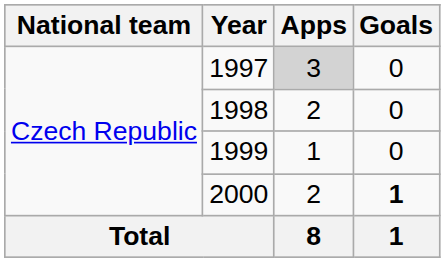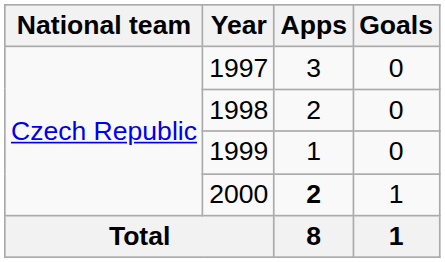 <table class="wikitable" style="text-align:center">
 <tr>
 <th>National team</th>
 <th>Year</th>
 <th>Apps</th>
 <th>Goals</th>
 </tr>
 <tr>
 <td rowspan="4"><a href='#'>Czech Republic</a></td>
 <td>1997</td>
-<td style="background: lightgrey;">3</td>
+<td>3</td>
 <td>0</td>
 </tr>
 <tr>
 <td>1998</td>
 <td>2</td>
 <td>0</td>
 </tr>
 <tr>
 <td>1999</td>
 <td>1</td>
 <td>0</td>
 </tr>
 <tr>
 <td>2000</td>
-<td>2</td>
-<td><strong>1</strong></td>
+<td><strong>2</strong></td>
+<td>1</td>
 </tr>
 <tr>
 <th colspan="2">Total</th>
 <th>8</th>
 <th>1</th>
 </tr>
 </table>
